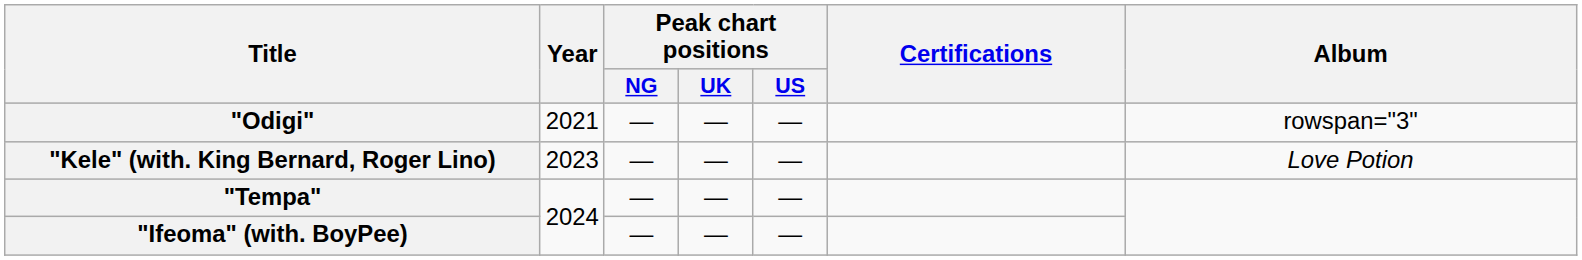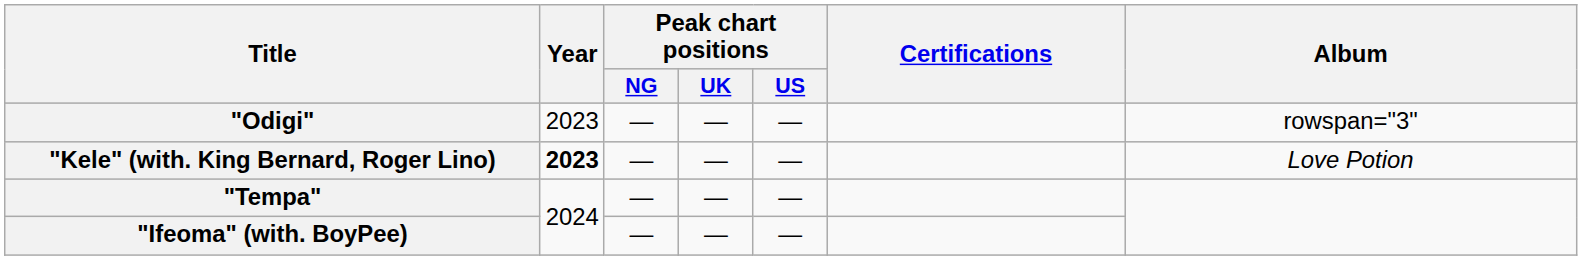 <table class="wikitable plainrowheaders" style="text-align:center;" border="1">
 <tr>
 <th scope="col" rowspan="2" style="width:22em;">Title</th>
 <th scope="col" rowspan="2" style="width:1em;">Year</th>
 <th scope="col" colspan="3">Peak chart positions</th>
 <th scope="col" rowspan="2" style="width:12em;"><a href='#'>Certifications</a></th>
 <th scope="col" rowspan="2" style="width:18.5em;">Album</th>
 </tr>
 <tr>
 <th scope="col" style="width:3em;font-size:90%;"><a href='#'>NG</a><br></th>
 <th scope="col" style="width:3em;font-size:90%;"><a href='#'>UK</a><br></th>
 <th scope="col" style="width:3em;font-size:90%;"><a href='#'>US</a><br></th>
 </tr>
 <tr>
 <th scope="row">"Odigi"</th>
-<td rowspan="1">2021</td>
+<td rowspan="1">2023</td>
 <td>—</td>
 <td>—</td>
 <td>—</td>
 <td></td>
 <td>rowspan="3" </td>
 </tr>
 <tr>
 <th scope="row">"Kele" (with. King Bernard, Roger Lino)</th>
-<td rowspan="1">2023</td>
+<td rowspan="1"><strong>2023</strong></td>
 <td>—</td>
 <td>—</td>
 <td>—</td>
 <td></td>
 <td rowspan="1"><em>Love Potion</em></td>
 </tr>
 <tr>
 <th scope="row">"Tempa"</th>
 <td rowspan="2">2024</td>
 <td>—</td>
 <td>—</td>
 <td>—</td>
 <td></td>
 </tr>
 <tr>
 <th scope="row">"Ifeoma" (with. BoyPee)</th>
 <td>—</td>
 <td>—</td>
 <td>—</td>
 <td></td>
 </tr>
 </table>
